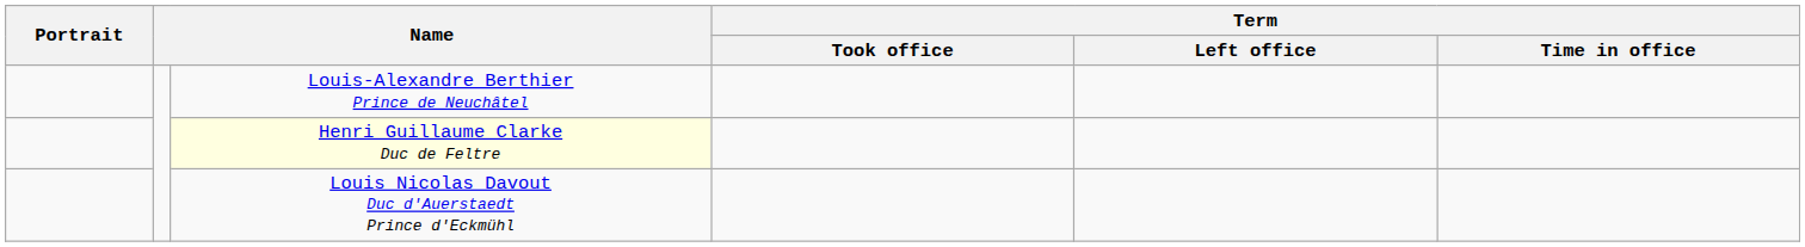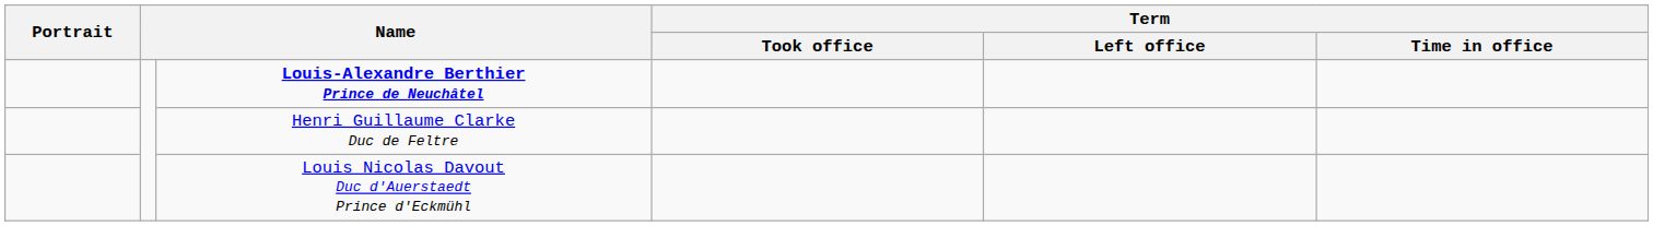 <table class="wikitable" style="text-align:center; width:100%">
 <tr>
 <th rowspan="2" style="width:5%">Portrait</th>
 <th colspan="2" rowspan="2," style="width:20%">Name</th>
 <th colspan="3">Term</th>
 </tr>
 <tr>
 <th style="width:13%">Took office</th>
 <th style="width:13%">Left office</th>
 <th style="width:13%">Time in office</th>
 </tr>
 <tr>
 <td></td>
 <td rowspan="3" style="background:"></td>
-<td><a href='#'>Louis-Alexandre Berthier</a><br><small><em><a href='#'>Prince de Neuchâtel</a></em></small></td>
+<td><strong><a href='#'>Louis-Alexandre Berthier</a><br><small><em><a href='#'>Prince de Neuchâtel</a></em></small></strong></td>
 <td></td>
 <td></td>
 <td></td>
 </tr>
 <tr>
 <td></td>
-<td style="background: lightyellow;"><a href='#'>Henri Guillaume Clarke</a><br><small><em>Duc de Feltre</em></small></td>
+<td><a href='#'>Henri Guillaume Clarke</a><br><small><em>Duc de Feltre</em></small></td>
 <td></td>
 <td></td>
 <td></td>
 </tr>
 <tr>
 <td></td>
 <td><a href='#'>Louis Nicolas Davout</a><br><small><em><a href='#'>Duc d'Auerstaedt</a></em></small><br><small><em>Prince d'Eckmühl</em></small></td>
 <td></td>
 <td></td>
 <td></td>
 </tr>
 </table>
